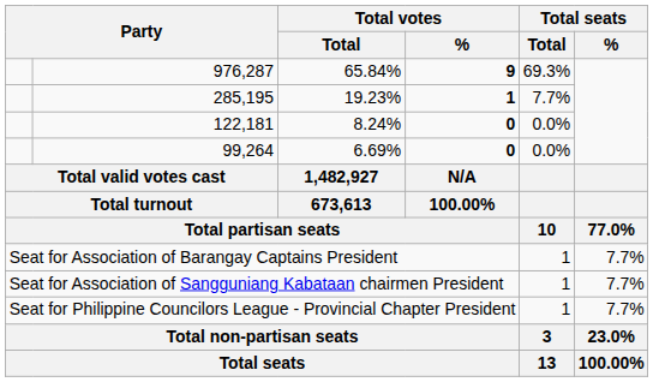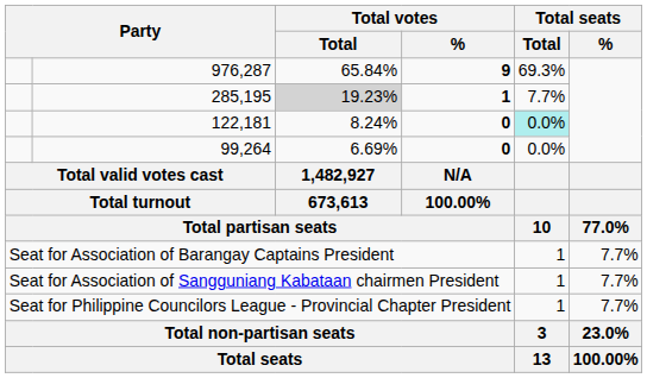 <table class=wikitable style="text-align:right">
 <tr>
 <th rowspan=2 colspan=2>Party</th>
 <th colspan=2>Total votes</th>
 <th colspan=2>Total seats</th>
 </tr>
 <tr>
 <th>Total</th>
 <th>%</th>
 <th>Total</th>
 <th>%</th>
 </tr>
 <tr>
 <td></td>
 <td>976,287</td>
 <td>65.84%</td>
 <td><strong>9</strong></td>
 <td>69.3%</td>
 </tr>
 <tr>
 <td></td>
 <td>285,195</td>
-<td>19.23%</td>
+<td style="background: lightgrey;">19.23%</td>
 <td><strong>1</strong></td>
 <td>7.7%</td>
 </tr>
 <tr>
 <td></td>
 <td>122,181</td>
 <td>8.24%</td>
 <td><strong>0</strong></td>
-<td>0.0%</td>
+<td style="background: paleturquoise;">0.0%</td>
 </tr>
 <tr>
 <td></td>
 <td>99,264</td>
 <td>6.69%</td>
 <td><strong>0</strong></td>
 <td>0.0%</td>
 </tr>
 <tr>
 <th align=left colspan=2>Total valid votes cast</th>
 <th><strong>1,482,927</strong></th>
 <th>N/A</th>
 <th></th>
 <th></th>
 </tr>
 <tr>
 <th align=left colspan=2>Total turnout</th>
 <th>673,613</th>
 <th>100.00%</th>
 <th></th>
 <th></th>
 </tr>
 <tr>
 <th colspan=4>Total partisan seats</th>
 <th>10</th>
 <th>77.0%</th>
 </tr>
 <tr>
 <td align=left colspan=4>Seat for Association of Barangay Captains President</td>
 <td>1</td>
 <td>7.7%</td>
 </tr>
 <tr>
 <td align=left colspan=4>Seat for Association of <a href='#'>Sangguniang Kabataan</a> chairmen President</td>
 <td>1</td>
 <td>7.7%</td>
 </tr>
 <tr>
 <td align=left colspan=4>Seat for Philippine Councilors League - Provincial Chapter President</td>
 <td>1</td>
 <td>7.7%</td>
 </tr>
 <tr>
 <th align=left colspan=4>Total non-partisan seats</th>
 <th>3</th>
 <th>23.0%</th>
 </tr>
 <tr>
 <th colspan=4>Total seats</th>
 <th>13</th>
 <th>100.00%</th>
 </tr>
 </table>
